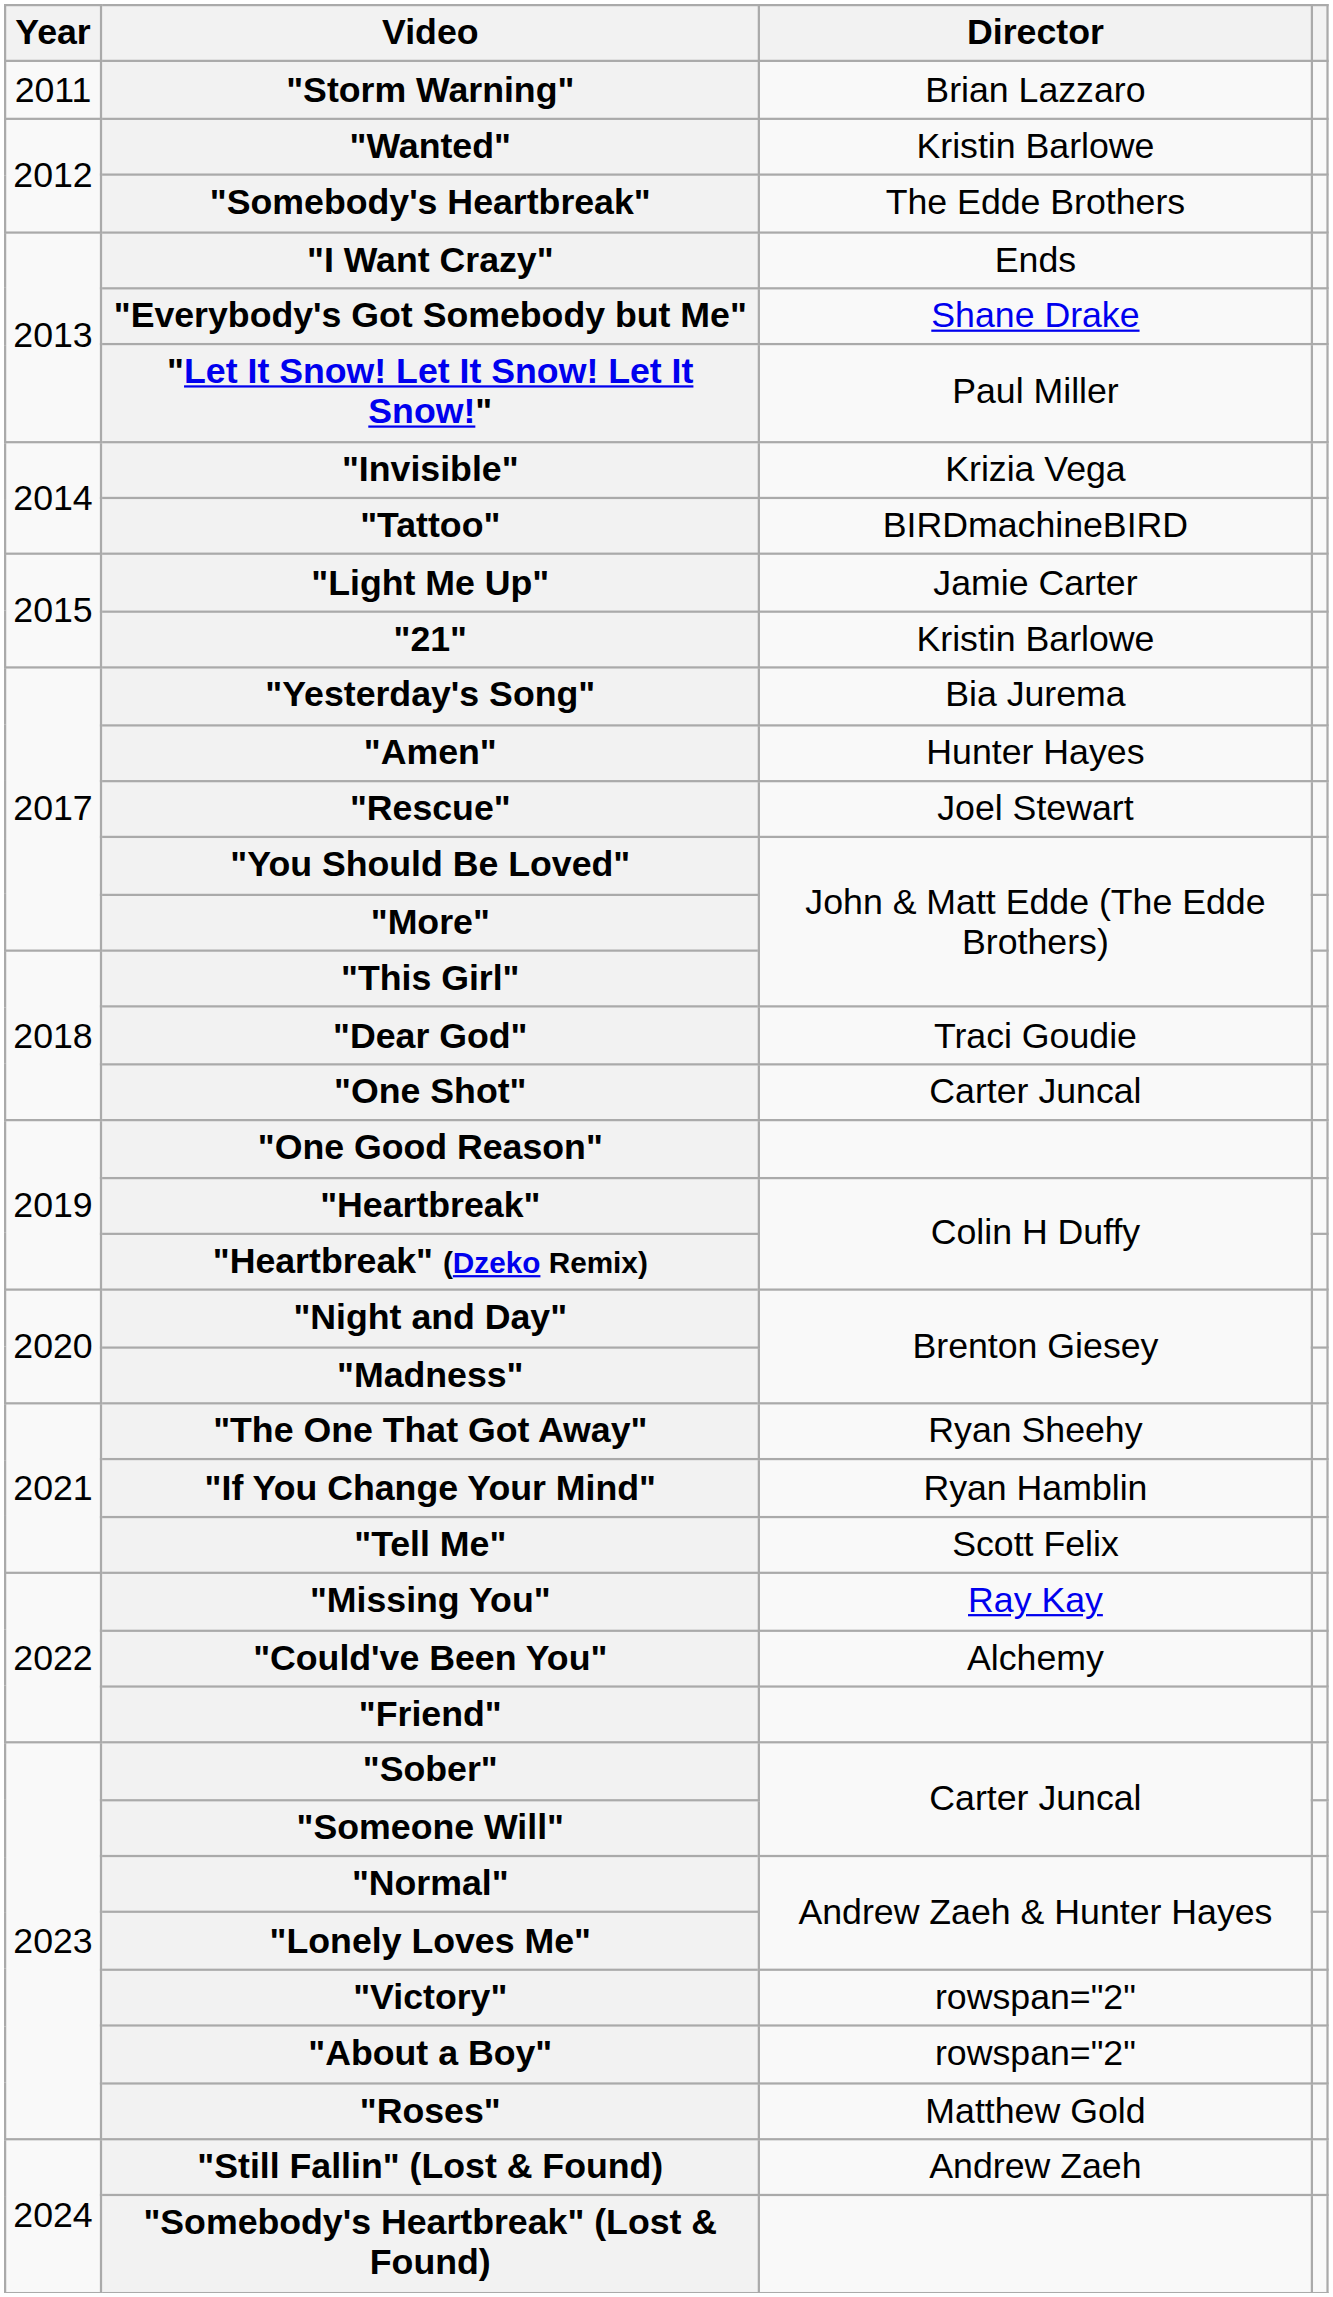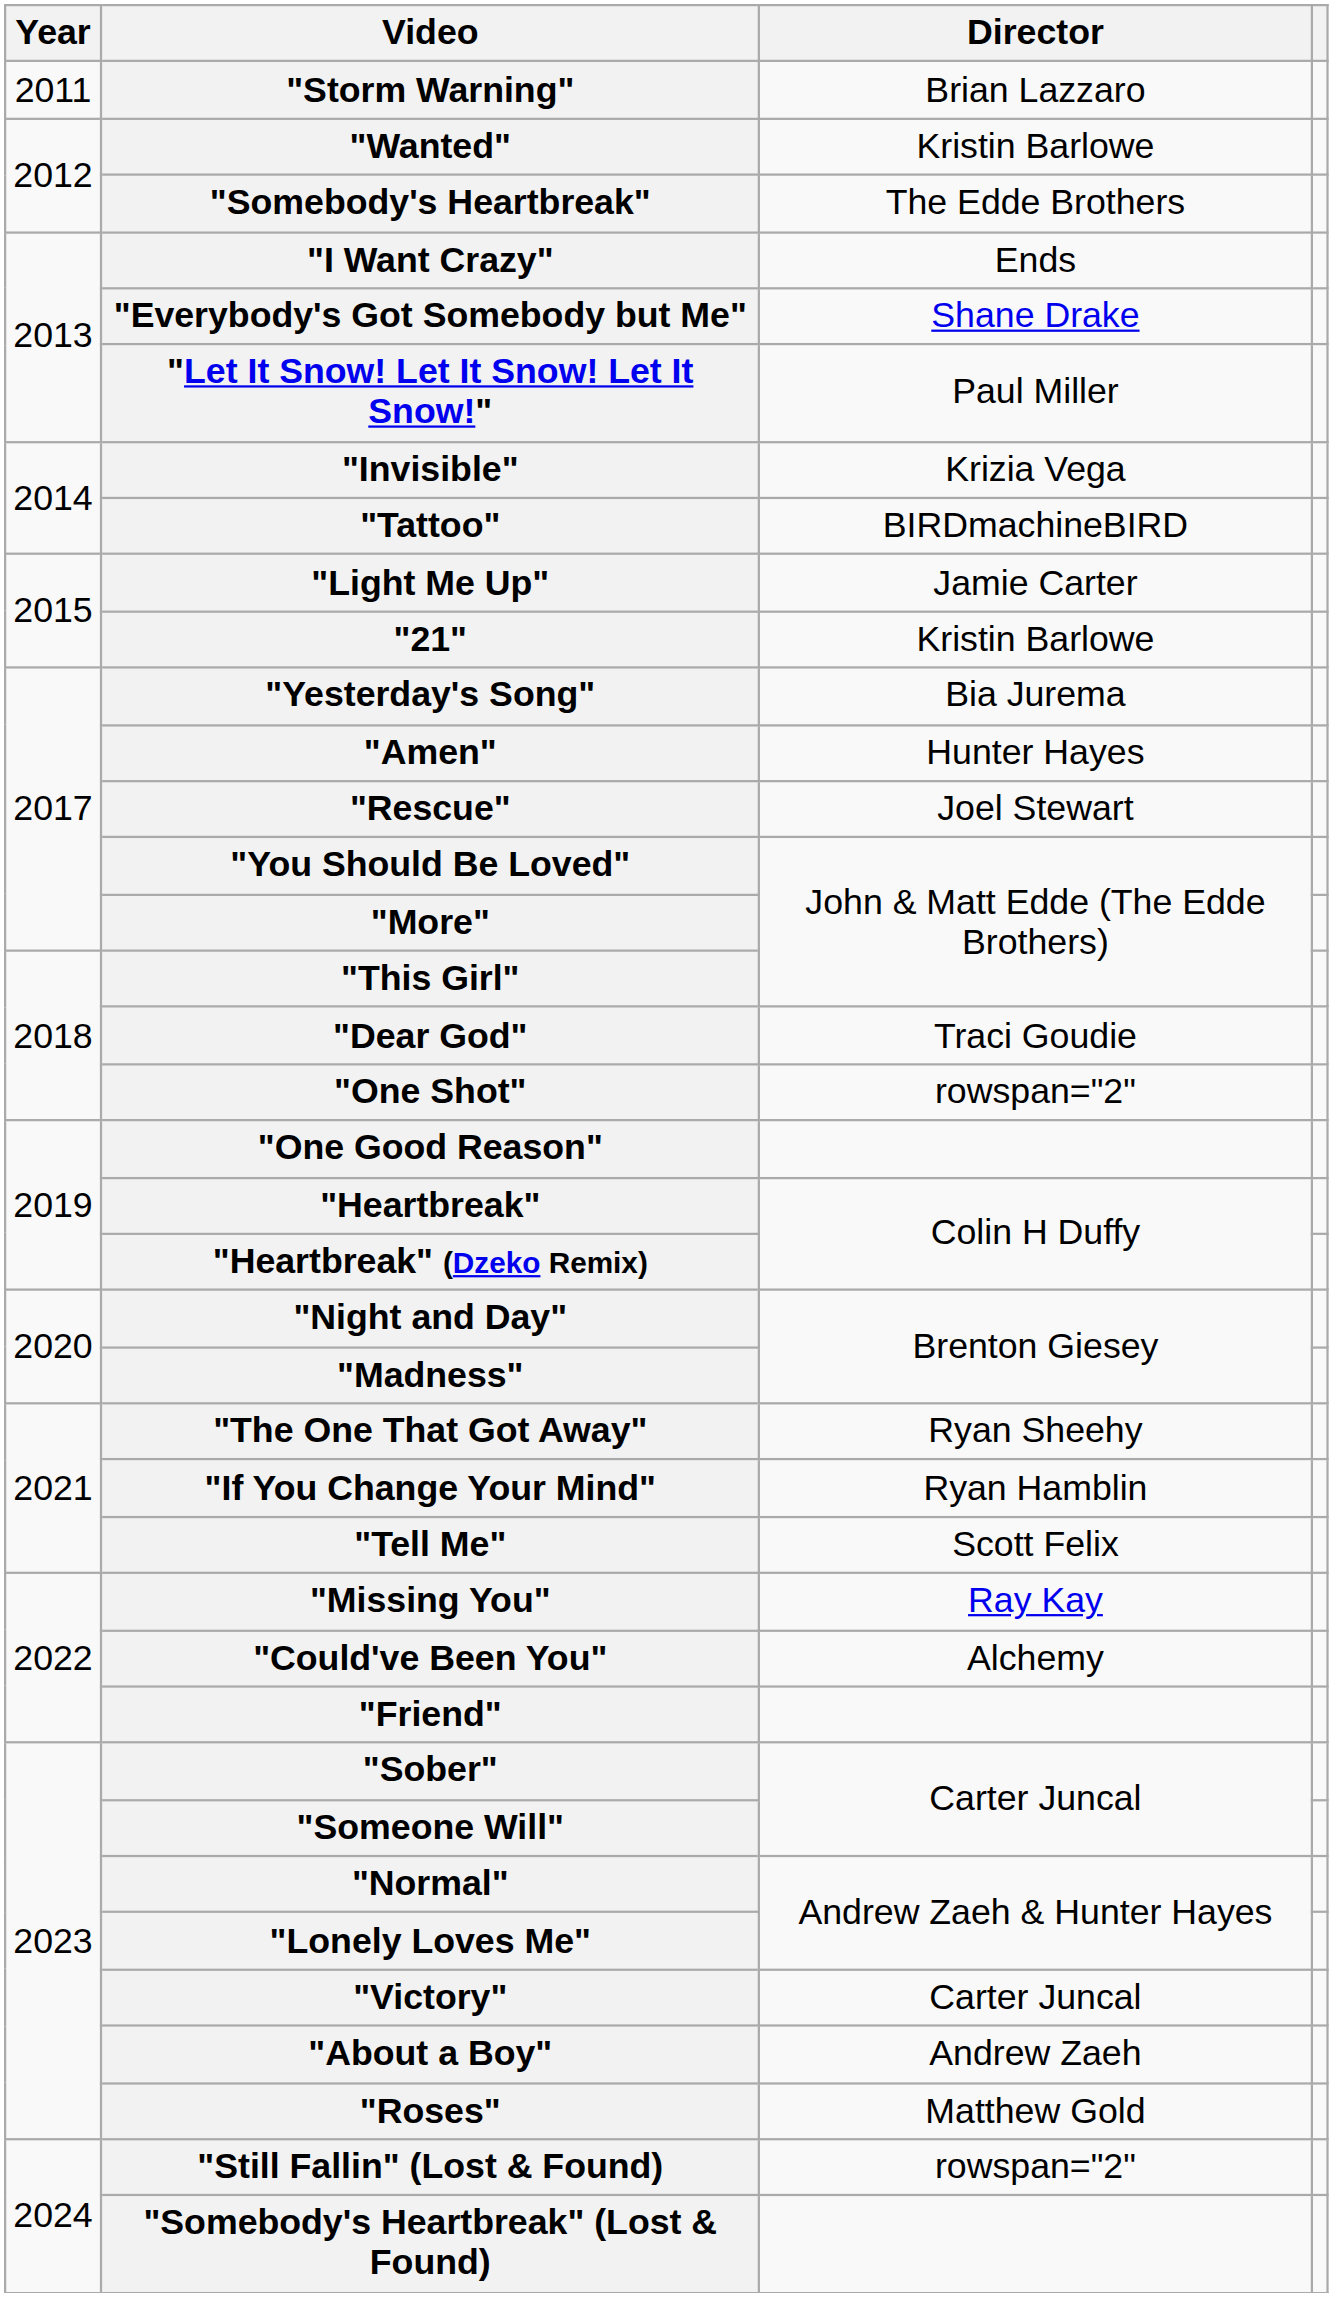 <table class="wikitable plainrowheaders" style="text-align:center;">
 <tr>
 <th>Year</th>
 <th style="width:18em;">Video</th>
 <th style="width:15em;">Director</th>
 <th></th>
 </tr>
 <tr>
 <td>2011</td>
 <th scope="row">"Storm Warning"</th>
 <td>Brian Lazzaro</td>
 <td></td>
 </tr>
 <tr>
 <td rowspan="2">2012</td>
 <th scope="row">"Wanted"</th>
 <td>Kristin Barlowe</td>
 <td></td>
 </tr>
 <tr>
 <th scope="row">"Somebody's Heartbreak"</th>
 <td>The Edde Brothers</td>
 <td></td>
 </tr>
 <tr>
 <td rowspan="3">2013</td>
 <th scope="row">"I Want Crazy"</th>
 <td>Ends</td>
 <td></td>
 </tr>
 <tr>
 <th scope="row">"Everybody's Got Somebody but Me"<br></th>
 <td><a href='#'>Shane Drake</a></td>
 <td></td>
 </tr>
 <tr>
 <th scope="row">"<a href='#'>Let It Snow! Let It Snow! Let It Snow!</a>"</th>
 <td>Paul Miller</td>
 <td></td>
 </tr>
 <tr>
 <td rowspan="2">2014</td>
 <th scope="row">"Invisible"</th>
 <td>Krizia Vega</td>
 <td></td>
 </tr>
 <tr>
 <th scope="row">"Tattoo"</th>
 <td>BIRDmachineBIRD</td>
 <td></td>
 </tr>
 <tr>
 <td rowspan="2">2015</td>
 <th scope="row">"Light Me Up"</th>
 <td>Jamie Carter</td>
 <td></td>
 </tr>
 <tr>
 <th scope="row">"21"</th>
 <td>Kristin Barlowe</td>
 <td></td>
 </tr>
 <tr>
 <td rowspan="5">2017</td>
 <th scope="row">"Yesterday's Song"</th>
 <td>Bia Jurema</td>
 <td></td>
 </tr>
 <tr>
 <th scope="row">"Amen"</th>
 <td>Hunter Hayes</td>
 <td></td>
 </tr>
 <tr>
 <th scope="row">"Rescue"</th>
 <td>Joel Stewart</td>
 <td></td>
 </tr>
 <tr>
 <th scope="row">"You Should Be Loved"<br></th>
 <td rowspan="3">John & Matt Edde (The Edde Brothers)</td>
 <td></td>
 </tr>
 <tr>
 <th scope="row">"More"</th>
 <td></td>
 </tr>
 <tr>
 <td rowspan="3">2018</td>
 <th scope="row">"This Girl"</th>
 <td></td>
 </tr>
 <tr>
 <th scope="row">"Dear God"</th>
 <td>Traci Goudie</td>
 <td></td>
 </tr>
 <tr>
 <th scope="row">"One Shot"</th>
-<td>Carter Juncal</td>
+<td>rowspan="2" </td>
 <td></td>
 </tr>
 <tr>
 <td rowspan="3">2019</td>
 <th scope="row">"One Good Reason"</th>
 <td></td>
 </tr>
 <tr>
 <th scope="row">"Heartbreak"</th>
 <td rowspan="2">Colin H Duffy</td>
 <td></td>
 </tr>
 <tr>
 <th scope="row">"Heartbreak" <small>(<a href='#'>Dzeko</a> Remix)</small></th>
 <td></td>
 </tr>
 <tr>
 <td rowspan="2">2020</td>
 <th scope="row">"Night and Day"</th>
 <td rowspan="2">Brenton Giesey</td>
 <td></td>
 </tr>
 <tr>
 <th scope="row">"Madness"</th>
 <td></td>
 </tr>
 <tr>
 <td rowspan="3">2021</td>
 <th scope="row">"The One That Got Away"</th>
 <td>Ryan Sheehy</td>
 <td></td>
 </tr>
 <tr>
 <th scope="row">"If You Change Your Mind"</th>
 <td>Ryan Hamblin</td>
 <td></td>
 </tr>
 <tr>
 <th scope="row">"Tell Me"</th>
 <td>Scott Felix</td>
 <td></td>
 </tr>
 <tr>
 <td rowspan="3">2022</td>
 <th scope="row">"Missing You"</th>
 <td><a href='#'>Ray Kay</a></td>
 <td></td>
 </tr>
 <tr>
 <th scope="row">"Could've Been You"</th>
 <td>Alchemy</td>
 <td></td>
 </tr>
 <tr>
 <th scope="row">"Friend"</th>
 <td></td>
 <td></td>
 </tr>
 <tr>
 <td rowspan="7">2023</td>
 <th scope="row">"Sober"</th>
 <td rowspan="2">Carter Juncal</td>
 <td></td>
 </tr>
 <tr>
 <th scope="row">"Someone Will"</th>
 <td></td>
 </tr>
 <tr>
 <th scope="row">"Normal"</th>
 <td rowspan="2">Andrew Zaeh & Hunter Hayes</td>
 <td></td>
 </tr>
 <tr>
 <th scope="row">"Lonely Loves Me"</th>
 <td></td>
 </tr>
 <tr>
 <th scope="row">"Victory"</th>
-<td>rowspan="2" </td>
+<td>Carter Juncal</td>
 <td></td>
 </tr>
 <tr>
 <th scope="row">"About a Boy"</th>
-<td>rowspan="2" </td>
+<td>Andrew Zaeh</td>
 <td></td>
 </tr>
 <tr>
 <th scope="row">"Roses"</th>
 <td>Matthew Gold</td>
 <td></td>
 </tr>
 <tr>
 <td rowspan="2">2024</td>
 <th scope="row">"Still Fallin" (Lost & Found)</th>
-<td>Andrew Zaeh</td>
+<td>rowspan="2" </td>
 <td></td>
 </tr>
 <tr>
 <th scope="row">"Somebody's Heartbreak" (Lost & Found)</th>
 <td></td>
 </tr>
 </table>
